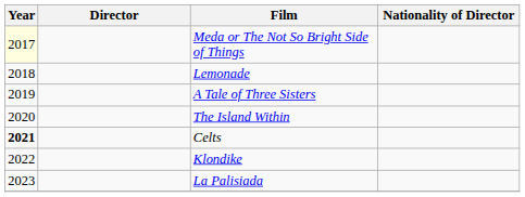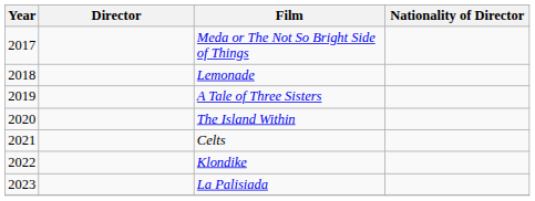 <table class="wikitable sortable">
 <tr>
 <th style="width:30px;">Year</th>
 <th style="width:200px;">Director</th>
 <th style="width:250px;">Film</th>
 <th style="width:180px;">Nationality of Director</th>
 </tr>
 <tr>
-<td style="background: lightyellow;">2017</td>
+<td>2017</td>
 <td></td>
 <td><em><a href='#'>Meda or The Not So Bright Side of Things</a></em></td>
 <td></td>
 </tr>
 <tr>
 <td>2018</td>
 <td></td>
 <td><em><a href='#'>Lemonade</a></em></td>
 <td></td>
 </tr>
 <tr>
 <td>2019</td>
 <td></td>
 <td><em><a href='#'>A Tale of Three Sisters</a></em></td>
 <td></td>
 </tr>
 <tr>
 <td>2020</td>
 <td></td>
 <td><em><a href='#'>The Island Within</a></em></td>
 <td></td>
 </tr>
 <tr>
-<td><strong>2021</strong></td>
+<td>2021</td>
 <td></td>
 <td><em>Celts</em></td>
 <td></td>
 </tr>
 <tr>
 <td>2022</td>
 <td></td>
 <td><em><a href='#'>Klondike</a></em></td>
 <td></td>
 </tr>
 <tr>
 <td>2023</td>
 <td></td>
 <td><em><a href='#'>La Palisiada</a></em></td>
 <td></td>
 </tr>
 <tr>
 </tr>
 </table>
